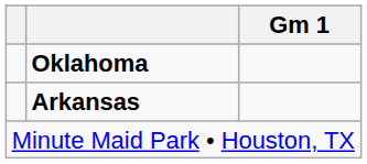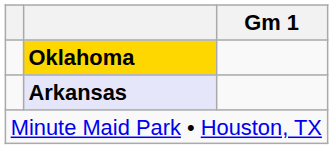 <table class="wikitable" style="float:right; font-size:90%">
 <tr>
 <th style="width: 5px"></th>
 <th style="width: 120px"></th>
 <th>Gm 1</th>
 </tr>
 <tr>
 <td></td>
-<td><strong>Oklahoma</strong></td>
+<td style="background: gold;"><strong>Oklahoma</strong></td>
 <td></td>
 </tr>
 <tr>
 <td></td>
-<td><strong>Arkansas</strong></td>
+<td style="background: lavender;"><strong>Arkansas</strong></td>
 <td></td>
 </tr>
 <tr>
 <td colspan=6 style="text-align:center"><a href='#'>Minute Maid Park</a> • <a href='#'>Houston, TX</a><br></td>
 </tr>
 </table>
